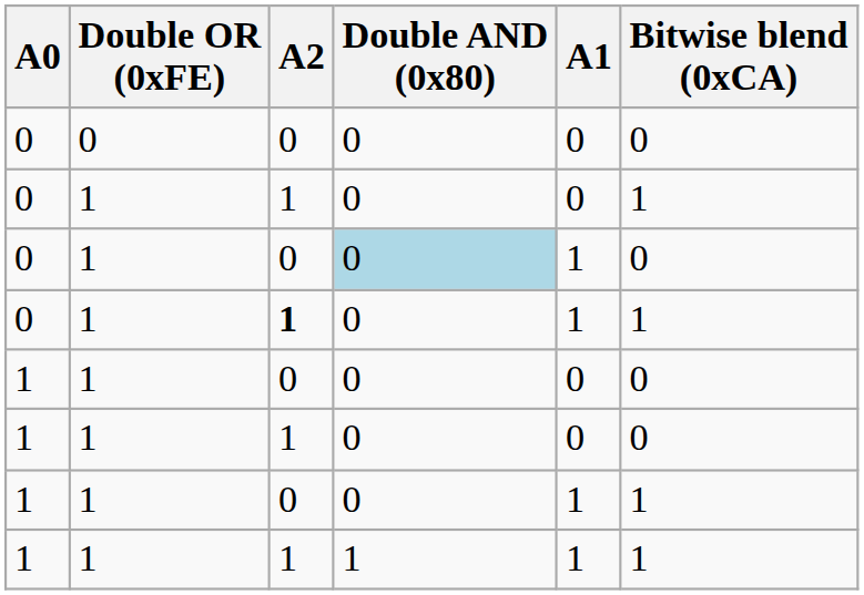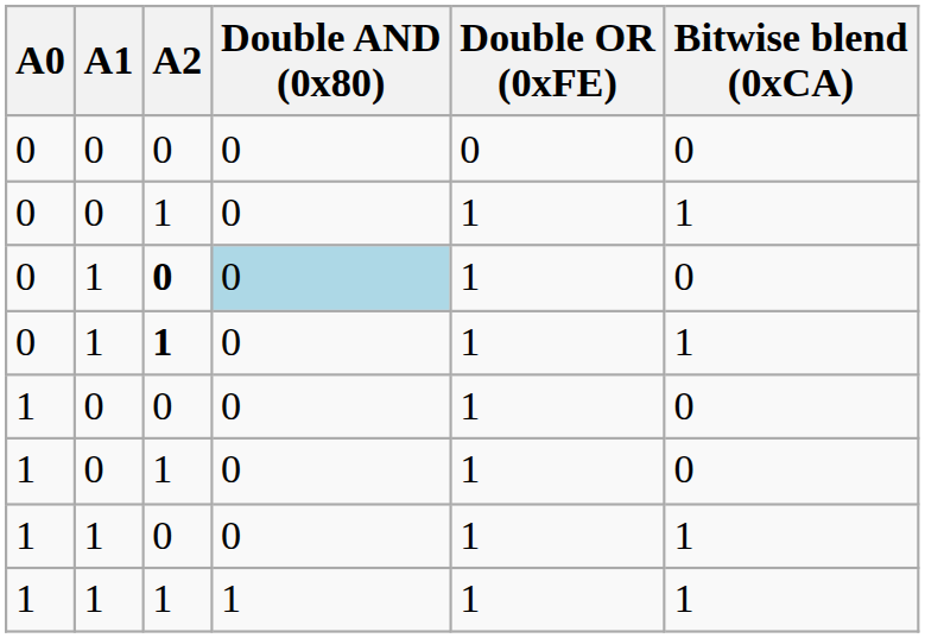 <table class="wikitable">
 <tr>
 <th scope="col">A0</th>
-<th scope="col">Double OR<br>(0xFE)</th>
+<th scope="col">A1</th>
 <th scope="col">A2</th>
 <th scope="col">Double AND<br>(0x80)</th>
-<th scope="col">A1</th>
+<th scope="col">Double OR<br>(0xFE)</th>
 <th scope="col">Bitwise blend<br>(0xCA)</th>
 </tr>
 <tr>
 <td>0</td>
 <td>0</td>
 <td>0</td>
 <td>0</td>
 <td>0</td>
 <td>0</td>
 </tr>
 <tr>
 <td>0</td>
-<td>1</td>
+<td>0</td>
 <td>1</td>
 <td>0</td>
-<td>0</td>
+<td>1</td>
 <td>1</td>
 </tr>
 <tr>
 <td>0</td>
 <td>1</td>
-<td>0</td>
+<td><strong>0</strong></td>
 <td style="background: lightblue;">0</td>
 <td>1</td>
 <td>0</td>
 </tr>
 <tr>
 <td>0</td>
 <td>1</td>
 <td><strong>1</strong></td>
 <td>0</td>
 <td>1</td>
 <td>1</td>
 </tr>
 <tr>
 <td>1</td>
-<td>1</td>
 <td>0</td>
 <td>0</td>
 <td>0</td>
+<td>1</td>
 <td>0</td>
 </tr>
 <tr>
 <td>1</td>
-<td>1</td>
+<td>0</td>
 <td>1</td>
 <td>0</td>
-<td>0</td>
+<td>1</td>
 <td>0</td>
 </tr>
 <tr>
 <td>1</td>
 <td>1</td>
 <td>0</td>
 <td>0</td>
 <td>1</td>
 <td>1</td>
 </tr>
 <tr>
 <td>1</td>
 <td>1</td>
 <td>1</td>
 <td>1</td>
 <td>1</td>
 <td>1</td>
 </tr>
 </table>
